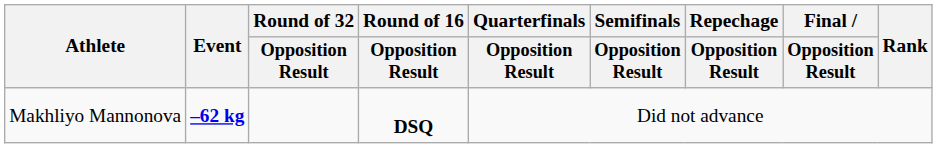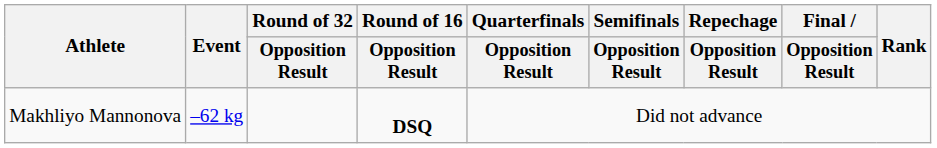 <table class=wikitable style=font-size:90%;text-align:center>
 <tr>
 <th rowspan="2">Athlete</th>
 <th rowspan="2">Event</th>
 <th>Round of 32</th>
 <th>Round of 16</th>
 <th>Quarterfinals</th>
 <th>Semifinals</th>
 <th>Repechage</th>
 <th>Final / </th>
 <th rowspan=2>Rank</th>
 </tr>
 <tr style="font-size:95%">
 <th>Opposition<br>Result</th>
 <th>Opposition<br>Result</th>
 <th>Opposition<br>Result</th>
 <th>Opposition<br>Result</th>
 <th>Opposition<br>Result</th>
 <th>Opposition<br>Result</th>
 </tr>
 <tr>
 <td align=left>Makhliyo Mannonova</td>
-<td align=left><strong><a href='#'>–62 kg</a></strong></td>
+<td align=left><a href='#'>–62 kg</a></td>
 <td></td>
 <td><br><strong>DSQ</strong></td>
 <td colspan=5>Did not advance</td>
 </tr>
 </table>
